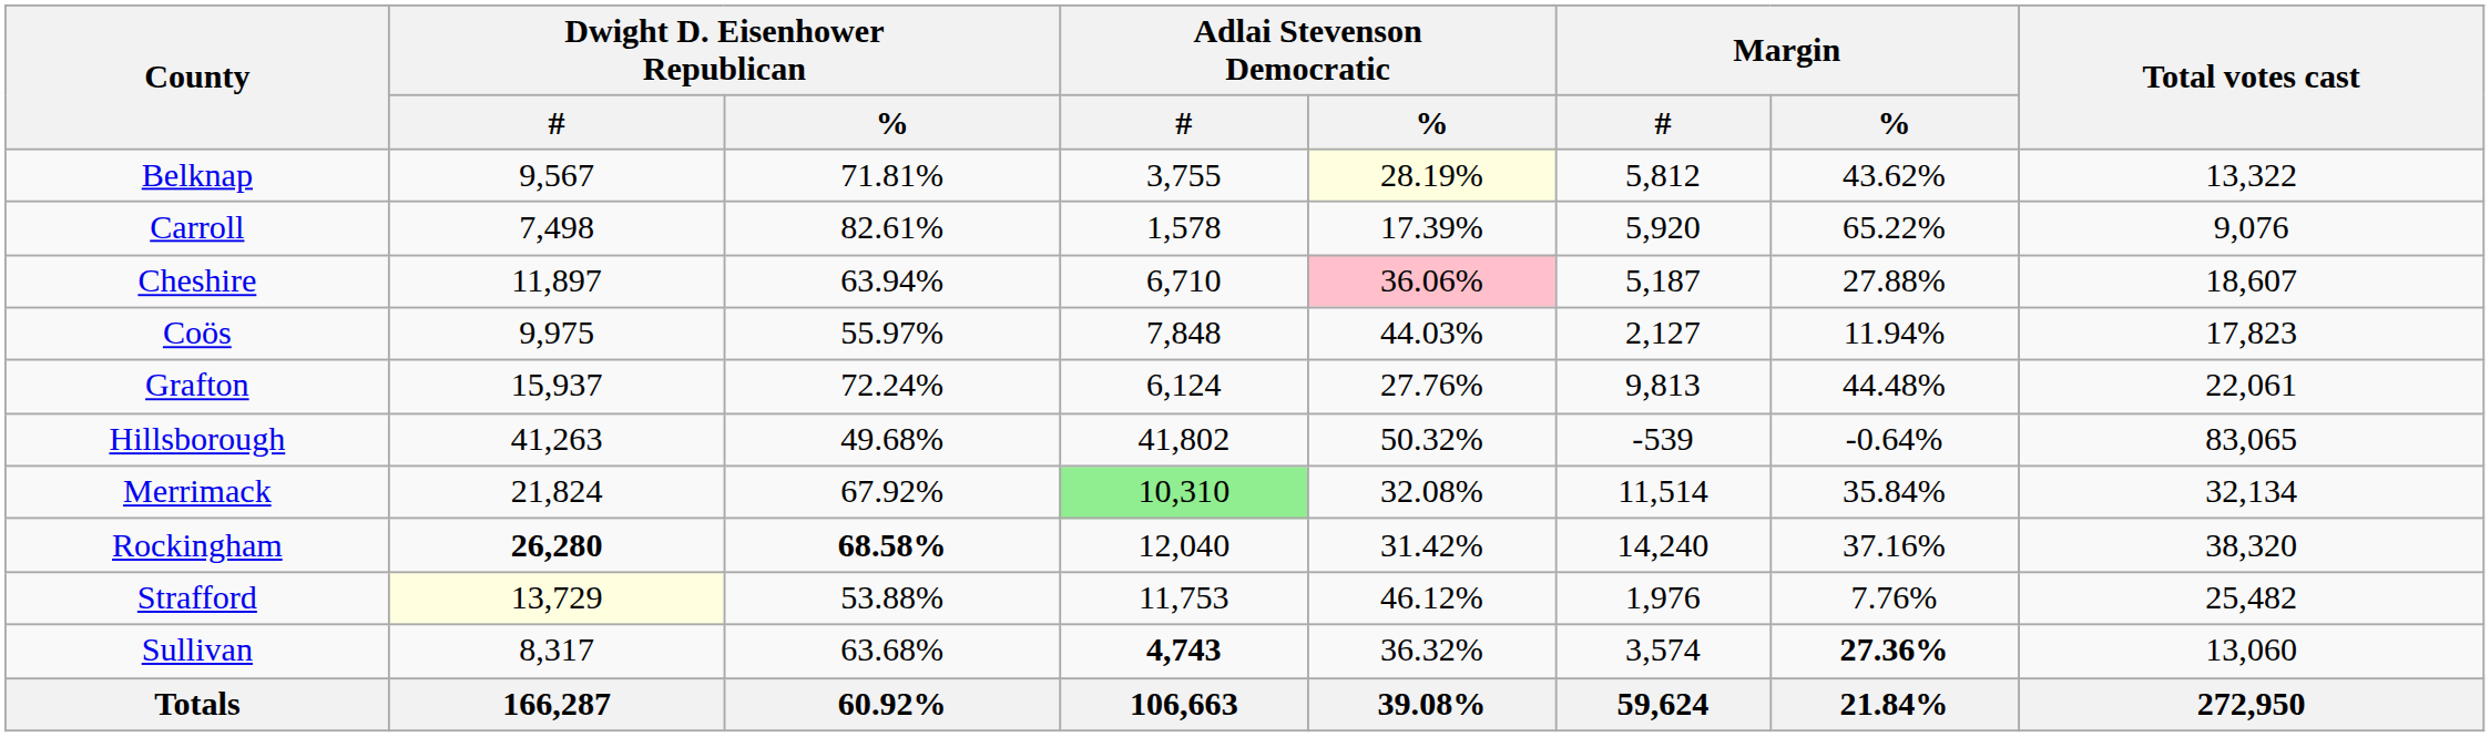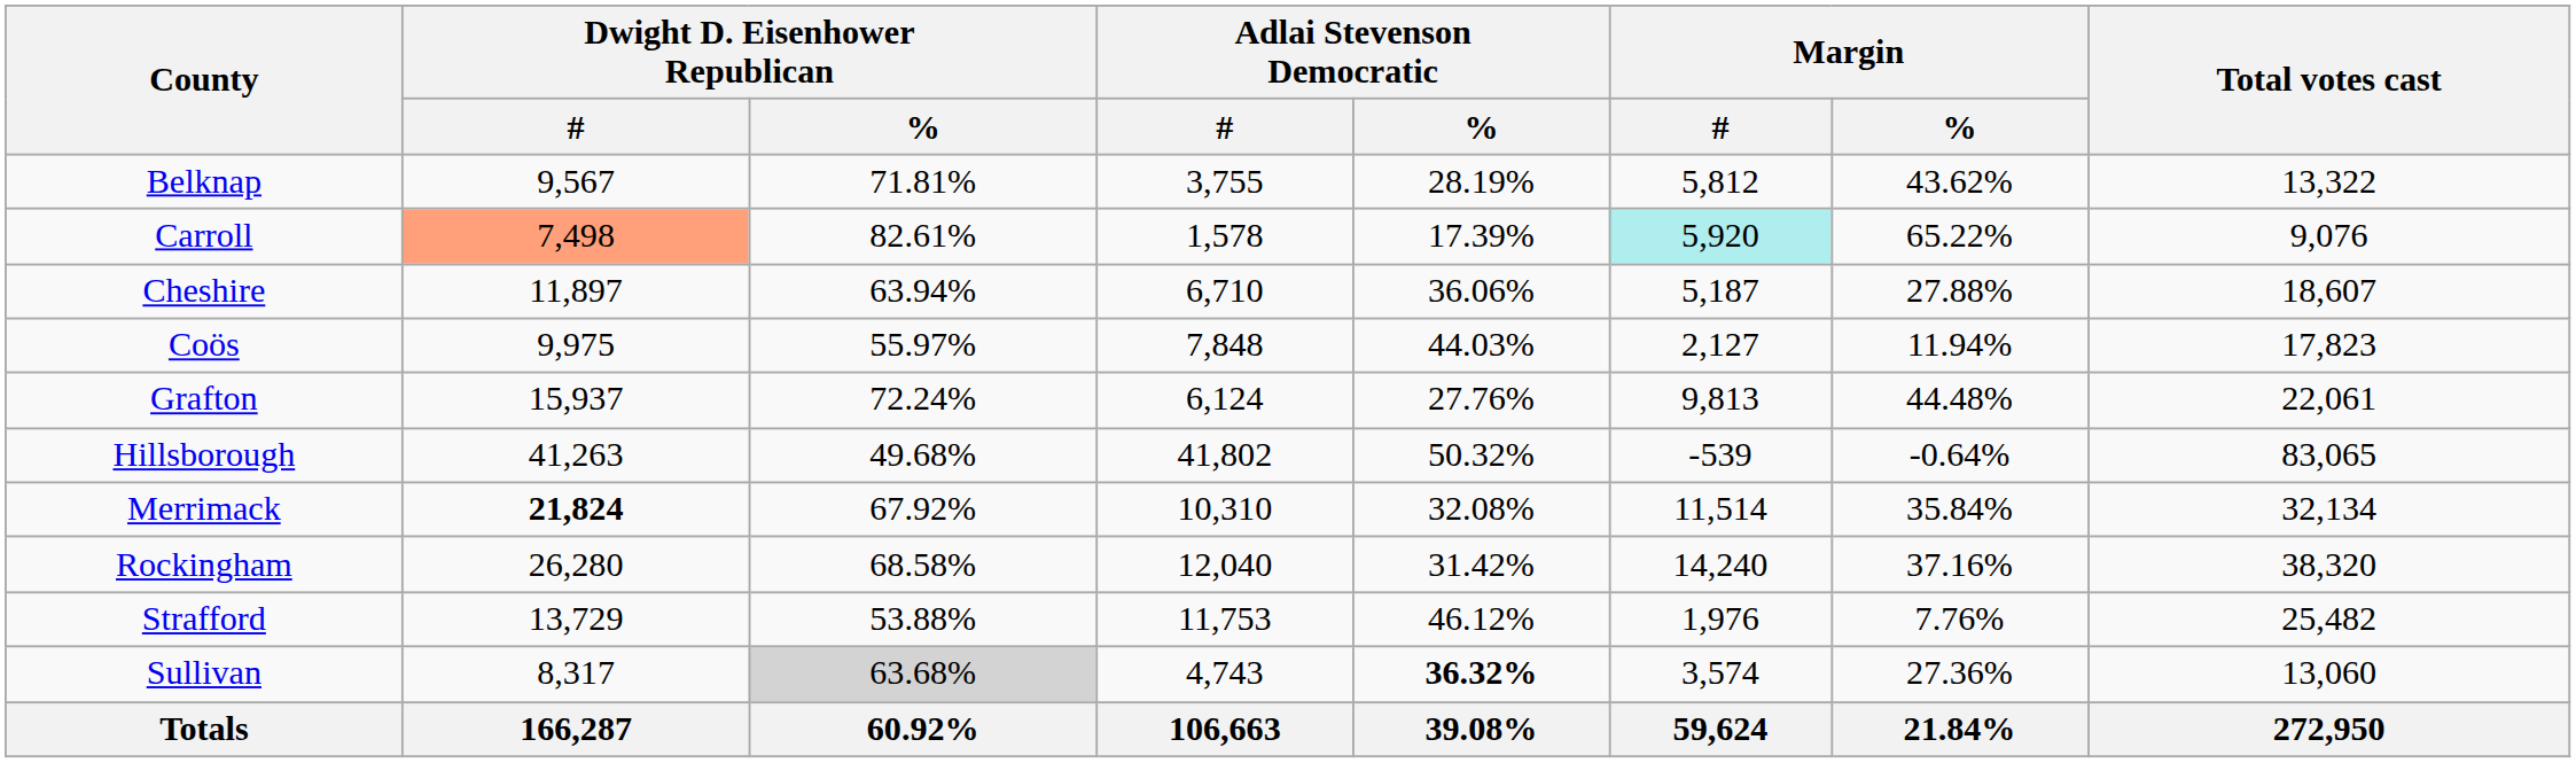 <table width="60%" class="wikitable sortable">
 <tr>
 <th rowspan="2">County</th>
 <th colspan="2">Dwight D. Eisenhower<br>Republican</th>
 <th colspan="2">Adlai Stevenson<br>Democratic</th>
 <th colspan="2">Margin</th>
 <th rowspan="2">Total votes cast</th>
 </tr>
 <tr>
 <th style="text-align:center;" data-sort-type="number">#</th>
 <th style="text-align:center;" data-sort-type="number">%</th>
 <th style="text-align:center;" data-sort-type="number">#</th>
 <th style="text-align:center;" data-sort-type="number">%</th>
 <th style="text-align:center;" data-sort-type="number">#</th>
 <th style="text-align:center;" data-sort-type="number">%</th>
 </tr>
 <tr style="text-align:center;">
 <td><a href='#'>Belknap</a></td>
 <td>9,567</td>
 <td>71.81%</td>
 <td>3,755</td>
-<td style="background: lightyellow;">28.19%</td>
+<td>28.19%</td>
 <td>5,812</td>
 <td>43.62%</td>
 <td>13,322</td>
 </tr>
 <tr style="text-align:center;">
 <td><a href='#'>Carroll</a></td>
-<td>7,498</td>
+<td style="background: lightsalmon;">7,498</td>
 <td>82.61%</td>
 <td>1,578</td>
 <td>17.39%</td>
-<td>5,920</td>
+<td style="background: paleturquoise;">5,920</td>
 <td>65.22%</td>
 <td>9,076</td>
 </tr>
 <tr style="text-align:center;">
 <td><a href='#'>Cheshire</a></td>
 <td>11,897</td>
 <td>63.94%</td>
 <td>6,710</td>
-<td style="background: pink;">36.06%</td>
+<td>36.06%</td>
 <td>5,187</td>
 <td>27.88%</td>
 <td>18,607</td>
 </tr>
 <tr style="text-align:center;">
 <td><a href='#'>Coös</a></td>
 <td>9,975</td>
 <td>55.97%</td>
 <td>7,848</td>
 <td>44.03%</td>
 <td>2,127</td>
 <td>11.94%</td>
 <td>17,823</td>
 </tr>
 <tr style="text-align:center;">
 <td><a href='#'>Grafton</a></td>
 <td>15,937</td>
 <td>72.24%</td>
 <td>6,124</td>
 <td>27.76%</td>
 <td>9,813</td>
 <td>44.48%</td>
 <td>22,061</td>
 </tr>
 <tr style="text-align:center;">
 <td><a href='#'>Hillsborough</a></td>
 <td>41,263</td>
 <td>49.68%</td>
 <td>41,802</td>
 <td>50.32%</td>
 <td>-539</td>
 <td>-0.64%</td>
 <td>83,065</td>
 </tr>
 <tr style="text-align:center;">
 <td><a href='#'>Merrimack</a></td>
-<td>21,824</td>
+<td><strong>21,824</strong></td>
 <td>67.92%</td>
-<td style="background: lightgreen;">10,310</td>
+<td>10,310</td>
 <td>32.08%</td>
 <td>11,514</td>
 <td>35.84%</td>
 <td>32,134</td>
 </tr>
 <tr style="text-align:center;">
 <td><a href='#'>Rockingham</a></td>
-<td><strong>26,280</strong></td>
-<td><strong>68.58%</strong></td>
+<td>26,280</td>
+<td>68.58%</td>
 <td>12,040</td>
 <td>31.42%</td>
 <td>14,240</td>
 <td>37.16%</td>
 <td>38,320</td>
 </tr>
 <tr style="text-align:center;">
 <td><a href='#'>Strafford</a></td>
-<td style="background: lightyellow;">13,729</td>
+<td>13,729</td>
 <td>53.88%</td>
 <td>11,753</td>
 <td>46.12%</td>
 <td>1,976</td>
 <td>7.76%</td>
 <td>25,482</td>
 </tr>
 <tr style="text-align:center;">
 <td><a href='#'>Sullivan</a></td>
 <td>8,317</td>
-<td>63.68%</td>
-<td><strong>4,743</strong></td>
-<td>36.32%</td>
+<td style="background: lightgrey;">63.68%</td>
+<td>4,743</td>
+<td><strong>36.32%</strong></td>
 <td>3,574</td>
-<td><strong>27.36%</strong></td>
+<td>27.36%</td>
 <td>13,060</td>
 </tr>
 <tr>
 <th>Totals</th>
 <th>166,287</th>
 <th>60.92%</th>
 <th>106,663</th>
 <th>39.08%</th>
 <th>59,624</th>
 <th>21.84%</th>
 <th>272,950</th>
 </tr>
 </table>
